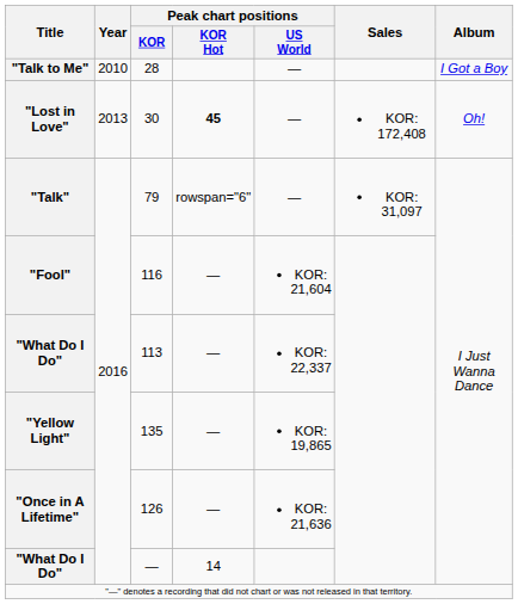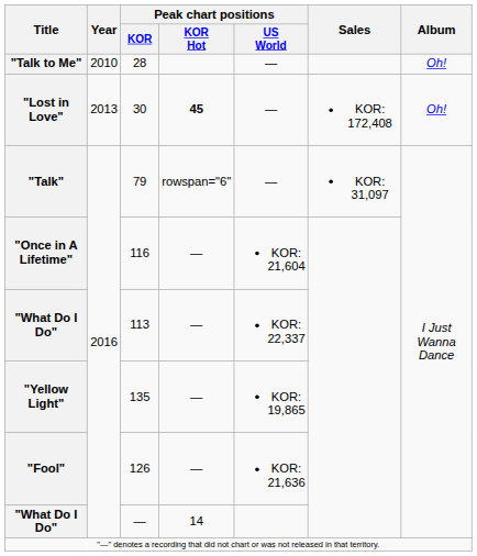 <table class="wikitable plainrowheaders" style="text-align:center;">
 <tr>
 <th rowspan="2">Title</th>
 <th rowspan="2">Year</th>
 <th colspan="3">Peak chart positions</th>
 <th rowspan="2">Sales</th>
 <th rowspan="2">Album</th>
 </tr>
 <tr>
 <th scope="col" style="width:3em;font-size:90%;"><a href='#'>KOR</a><br></th>
 <th scope="col" style="width:3em;font-size:90%;"><a href='#'>KOR<br>Hot</a><br></th>
 <th scope="col" style="width:3em;font-size:90%;"><a href='#'>US<br>World</a><br></th>
 </tr>
 <tr>
 <th scope="row">"Talk to Me"<br></th>
 <td>2010</td>
 <td>28</td>
 <td></td>
 <td>—</td>
 <td></td>
-<td><em><a href='#'>I Got a Boy</a></em></td>
+<td><em><a href='#'>Oh!</a></em></td>
 </tr>
 <tr>
 <th scope="row">"Lost in Love"<br></th>
 <td>2013</td>
 <td>30</td>
 <td><strong>45</strong></td>
 <td>—</td>
 <td><br><ul><li>KOR: 172,408</li></ul></td>
 <td><em><a href='#'>Oh!</a></em></td>
 </tr>
 <tr>
 <th scope="row">"Talk"</th>
 <td rowspan="6">2016</td>
 <td>79</td>
 <td>rowspan="6" </td>
 <td>—</td>
 <td><br><ul><li>KOR: 31,097</li></ul></td>
 <td rowspan="6"><em>I Just Wanna Dance</em></td>
 </tr>
 <tr>
-<th scope="row">"Fool"</th>
+<th scope="row">"Once in A Lifetime"</th>
 <td>116</td>
 <td>—</td>
 <td><br><ul><li>KOR: 21,604</li></ul></td>
 </tr>
 <tr>
 <th scope="row">"What Do I Do"</th>
 <td>113</td>
 <td>—</td>
 <td><br><ul><li>KOR: 22,337</li></ul></td>
 </tr>
 <tr>
 <th scope="row">"Yellow Light"</th>
 <td>135</td>
 <td>—</td>
 <td><br><ul><li>KOR: 19,865</li></ul></td>
 </tr>
 <tr>
-<th scope="row">"Once in A Lifetime"</th>
+<th scope="row">"Fool"</th>
 <td>126</td>
 <td>—</td>
 <td><br><ul><li>KOR: 21,636</li></ul></td>
 </tr>
 <tr>
 <th scope="row">"What Do I Do" </th>
 <td>—</td>
 <td>14</td>
 <td></td>
 </tr>
 <tr>
 <td colspan="7" style="font-size:8pt">"—" denotes a recording that did not chart or was not released in that territory.</td>
 </tr>
 </table>
